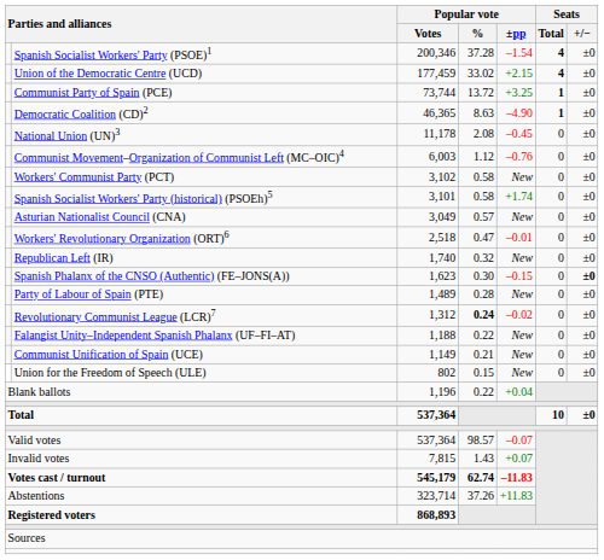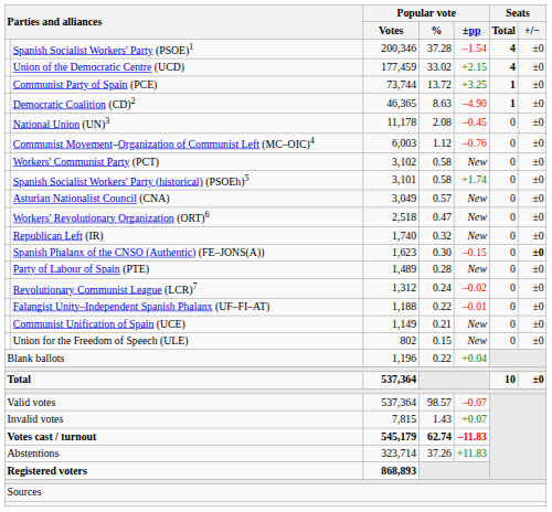 <table class="wikitable" style="text-align:right;">
 <tr>
 <th style="text-align:left;" rowspan="2" colspan="2" width="525">Parties and alliances</th>
 <th colspan="3">Popular vote</th>
 <th colspan="2">Seats</th>
 </tr>
 <tr>
 <th width="75">Votes</th>
 <th width="45">%</th>
 <th width="45">±<a href='#'>pp</a></th>
 <th width="35">Total</th>
 <th width="35">+/−</th>
 </tr>
 <tr>
 <td width="1" style="color:inherit;background:"></td>
 <td align="left"><a href='#'>Spanish Socialist Workers' Party</a> (PSOE)<sup>1</sup></td>
 <td>200,346</td>
 <td>37.28</td>
 <td style="color:red;">–1.54</td>
 <td><strong>4</strong></td>
 <td>±0</td>
 </tr>
 <tr>
 <td style="color:inherit;background:"></td>
 <td align="left"><a href='#'>Union of the Democratic Centre</a> (UCD)</td>
 <td>177,459</td>
 <td>33.02</td>
 <td style="color:green;">+2.15</td>
 <td><strong>4</strong></td>
 <td>±0</td>
 </tr>
 <tr>
 <td style="color:inherit;background:"></td>
 <td align="left"><a href='#'>Communist Party of Spain</a> (PCE)</td>
 <td>73,744</td>
 <td>13.72</td>
 <td style="color:green;">+3.25</td>
 <td><strong>1</strong></td>
 <td>±0</td>
 </tr>
 <tr>
 <td style="color:inherit;background:"></td>
 <td align="left"><a href='#'>Democratic Coalition</a> (CD)<sup>2</sup></td>
 <td>46,365</td>
 <td>8.63</td>
 <td style="color:red;">–4.90</td>
 <td><strong>1</strong></td>
 <td>±0</td>
 </tr>
 <tr>
 <td style="color:inherit;background:"></td>
 <td align="left"><a href='#'>National Union</a> (UN)<sup>3</sup></td>
 <td>11,178</td>
 <td>2.08</td>
 <td style="color:red;">–0.45</td>
 <td>0</td>
 <td>±0</td>
 </tr>
 <tr>
 <td style="color:inherit;background:"></td>
 <td align="left"><a href='#'>Communist Movement</a>–<a href='#'>Organization of Communist Left</a> (MC–OIC)<sup>4</sup></td>
 <td>6,003</td>
 <td>1.12</td>
 <td style="color:red;">–0.76</td>
 <td>0</td>
 <td>±0</td>
 </tr>
 <tr>
 <td style="color:inherit;background:"></td>
 <td align="left"><a href='#'>Workers' Communist Party</a> (PCT)</td>
 <td>3,102</td>
 <td>0.58</td>
 <td><em>New</em></td>
 <td>0</td>
 <td>±0</td>
 </tr>
 <tr>
 <td style="color:inherit;background:"></td>
 <td align="left"><a href='#'>Spanish Socialist Workers' Party (historical)</a> (PSOEh)<sup>5</sup></td>
 <td>3,101</td>
 <td>0.58</td>
 <td style="color:green;">+1.74</td>
 <td>0</td>
 <td>±0</td>
 </tr>
 <tr>
 <td style="color:inherit;background:"></td>
 <td align="left"><a href='#'>Asturian Nationalist Council</a> (CNA)</td>
 <td>3,049</td>
 <td>0.57</td>
 <td><em>New</em></td>
 <td>0</td>
 <td>±0</td>
 </tr>
 <tr>
 <td style="color:inherit;background:"></td>
 <td align="left"><a href='#'>Workers' Revolutionary Organization</a> (ORT)<sup>6</sup></td>
 <td>2,518</td>
 <td>0.47</td>
-<td style="color:red;">–0.01</td>
+<td><em>New</em></td>
 <td>0</td>
 <td>±0</td>
 </tr>
 <tr>
 <td style="color:inherit;background:"></td>
 <td align="left"><a href='#'>Republican Left</a> (IR)</td>
 <td>1,740</td>
 <td>0.32</td>
 <td><em>New</em></td>
 <td>0</td>
 <td>±0</td>
 </tr>
 <tr>
 <td style="color:inherit;background:"></td>
 <td align="left"><a href='#'>Spanish Phalanx of the CNSO (Authentic)</a> (FE–JONS(A))</td>
 <td>1,623</td>
 <td>0.30</td>
 <td style="color:red;">–0.15</td>
 <td>0</td>
 <td><strong>±0</strong></td>
 </tr>
 <tr>
 <td style="color:inherit;background:"></td>
 <td align="left"><a href='#'>Party of Labour of Spain</a> (PTE)</td>
 <td>1,489</td>
 <td>0.28</td>
 <td><em>New</em></td>
 <td>0</td>
 <td>±0</td>
 </tr>
 <tr>
 <td style="color:inherit;background:"></td>
 <td align="left"><a href='#'>Revolutionary Communist League</a> (LCR)<sup>7</sup></td>
 <td>1,312</td>
-<td><strong>0.24</strong></td>
+<td>0.24</td>
 <td style="color:red;">–0.02</td>
 <td>0</td>
 <td>±0</td>
 </tr>
 <tr>
 <td style="color:inherit;background:"></td>
 <td align="left"><a href='#'>Falangist Unity–Independent Spanish Phalanx</a> (UF–FI–AT)</td>
 <td>1,188</td>
 <td>0.22</td>
-<td><em>New</em></td>
+<td style="color:red;">–0.01</td>
 <td>0</td>
 <td>±0</td>
 </tr>
 <tr>
 <td style="color:inherit;background:"></td>
 <td align="left"><a href='#'>Communist Unification of Spain</a> (UCE)</td>
 <td>1,149</td>
 <td>0.21</td>
 <td><em>New</em></td>
 <td>0</td>
 <td>±0</td>
 </tr>
 <tr>
 <td bgcolor="white"></td>
 <td align="left">Union for the Freedom of Speech (ULE)</td>
 <td>802</td>
 <td>0.15</td>
 <td><em>New</em></td>
 <td>0</td>
 <td>±0</td>
 </tr>
 <tr>
 <td align="left" colspan="2">Blank ballots</td>
 <td>1,196</td>
 <td>0.22</td>
 <td style="color:green;">+0.04</td>
 <td bgcolor="#E9E9E9" colspan="2"></td>
 </tr>
 <tr>
 <td colspan="7" bgcolor="#E9E9E9"></td>
 </tr>
 <tr style="font-weight:bold;">
 <td align="left" colspan="2">Total</td>
 <td>537,364</td>
 <td bgcolor="#E9E9E9" colspan="2"></td>
 <td>10</td>
 <td>±0</td>
 </tr>
 <tr>
 <td colspan="7" bgcolor="#E9E9E9"></td>
 </tr>
 <tr>
 <td align="left" colspan="2">Valid votes</td>
 <td>537,364</td>
 <td>98.57</td>
 <td style="color:red;">–0.07</td>
 <td bgcolor="#E9E9E9" colspan="2" rowspan="5"></td>
 </tr>
 <tr>
 <td align="left" colspan="2">Invalid votes</td>
 <td>7,815</td>
 <td>1.43</td>
 <td style="color:green;">+0.07</td>
 </tr>
 <tr style="font-weight:bold;">
 <td align="left" colspan="2">Votes cast / turnout</td>
 <td>545,179</td>
 <td>62.74</td>
 <td style="color:red;">–11.83</td>
 </tr>
 <tr>
 <td align="left" colspan="2">Abstentions</td>
 <td>323,714</td>
 <td>37.26</td>
 <td style="color:green;">+11.83</td>
 </tr>
 <tr style="font-weight:bold;">
 <td align="left" colspan="2">Registered voters</td>
 <td>868,893</td>
 <td bgcolor="#E9E9E9" colspan="2"></td>
 </tr>
 <tr>
 <td colspan="7" bgcolor="#E9E9E9"></td>
 </tr>
 <tr>
 <td align="left" colspan="7">Sources</td>
 </tr>
 <tr>
 <td colspan="7" style="text-align:left; max-width:790px;"></td>
 </tr>
 </table>
